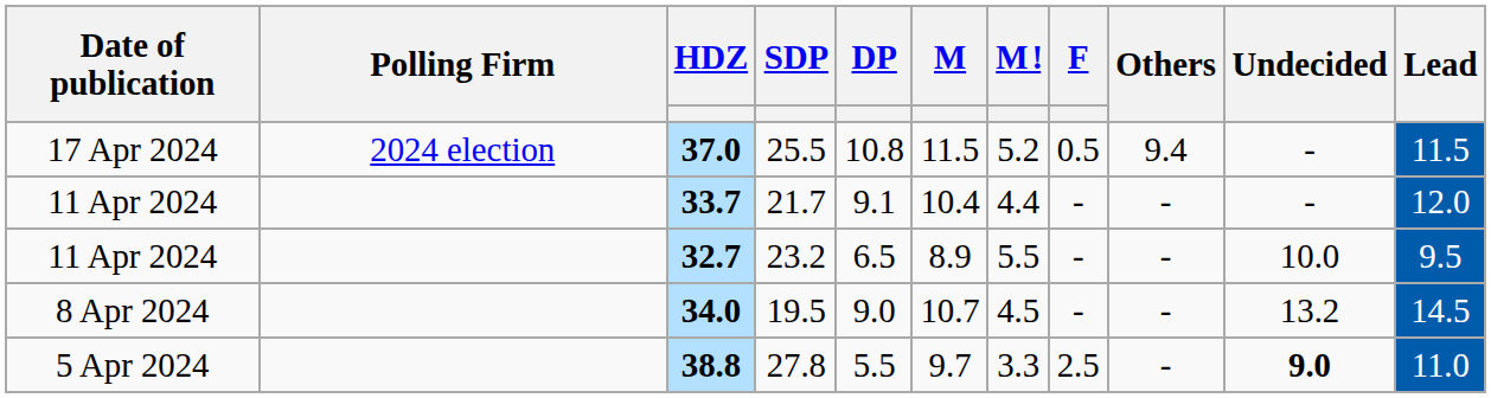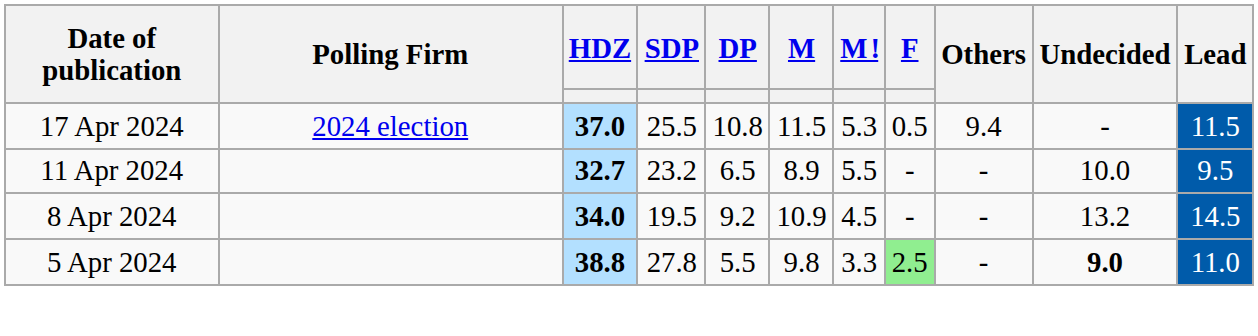 <table class="wikitable sortable" style="text-align:center; font-size:90%; line-height:16px;">
 <tr style="height:42px;">
 <th style="width:100px;" rowspan="2">Date of publication</th>
 <th style="width:165px;" rowspan="2">Polling Firm</th>
 <th><a href='#'>HDZ</a></th>
 <th><a href='#'>SDP</a></th>
 <th><a href='#'>DP</a></th>
 <th><a href='#'>M</a></th>
 <th style="letter-spacing:-1px;"><a href='#'>M !</a></th>
 <th><a href='#'>F</a></th>
 <th class="unsortable" style="width:40px;" rowspan="2">Others</th>
 <th class="unsortable" style="width:40px;" rowspan="2">Undecided</th>
 <th class="unsortable" style="width:20px;" rowspan="2">Lead</th>
 </tr>
 <tr>
 <th style="color:inherit;background:"></th>
 <th data-sort-type="number" style="color:inherit;background:"></th>
 <th style="color:inherit;background:"></th>
 <th style="color:inherit;background:"></th>
 <th style="color:inherit;background:"></th>
 <th style="color:inherit;background:"></th>
 </tr>
 <tr>
 <td>17 Apr 2024</td>
 <td><a href='#'>2024 election</a></td>
 <td style="background:#B3E0FF"><strong>37.0</strong></td>
 <td>25.5</td>
 <td>10.8</td>
 <td>11.5</td>
-<td>5.2</td>
+<td>5.3</td>
 <td>0.5</td>
 <td>9.4</td>
 <td>-</td>
 <td style="background:#005BAA; color: white">11.5</td>
-</tr>
-<tr>
-<td>11 Apr 2024</td>
-<td></td>
-<td style="background:#B3E0FF"><strong>33.7</strong></td>
-<td>21.7</td>
-<td>9.1</td>
-<td>10.4</td>
-<td>4.4</td>
-<td>-</td>
-<td>-</td>
-<td>-</td>
-<td style="background:#005BAA; color: white">12.0</td>
 </tr>
 <tr>
 <td>11 Apr 2024</td>
 <td></td>
 <td style="background:#B3E0FF"><strong>32.7</strong></td>
 <td>23.2</td>
 <td>6.5</td>
 <td>8.9</td>
 <td>5.5</td>
 <td>-</td>
 <td>-</td>
 <td>10.0</td>
 <td style="background:#005BAA; color: white">9.5</td>
 </tr>
 <tr>
 <td>8 Apr 2024</td>
 <td></td>
 <td style="background:#B3E0FF"><strong>34.0</strong></td>
 <td>19.5</td>
-<td>9.0</td>
-<td>10.7</td>
+<td>9.2</td>
+<td>10.9</td>
 <td>4.5</td>
 <td>-</td>
 <td>-</td>
 <td>13.2</td>
 <td style="background:#005BAA; color: white">14.5</td>
 </tr>
 <tr>
 <td>5 Apr 2024</td>
 <td></td>
 <td style="background:#B3E0FF"><strong>38.8</strong></td>
 <td>27.8</td>
 <td>5.5</td>
-<td>9.7</td>
+<td>9.8</td>
 <td>3.3</td>
-<td>2.5</td>
+<td style="background: lightgreen;">2.5</td>
 <td>-</td>
 <td><strong>9.0</strong></td>
 <td style="background:#005BAA; color: white">11.0</td>
 </tr>
 </table>
